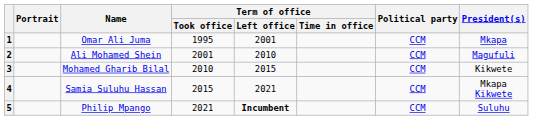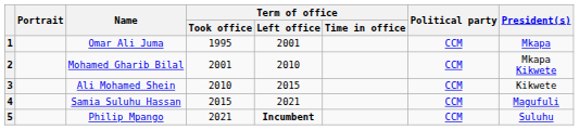 <table class="wikitable" style="text-align:center">
 <tr>
 <th rowspan="2"></th>
 <th rowspan="2">Portrait</th>
 <th rowspan="2">Name<br></th>
 <th colspan="3">Term of office</th>
 <th rowspan="2">Political party</th>
 <th rowspan="2"><a href='#'>President(s)</a></th>
 </tr>
 <tr>
 <th>Took office</th>
 <th>Left office</th>
 <th>Time in office</th>
 </tr>
 <tr>
 <th style="background:">1</th>
 <td></td>
 <td><a href='#'>Omar Ali Juma</a><br></td>
 <td> 1995</td>
 <td> 2001</td>
 <td></td>
 <td><a href='#'>CCM</a></td>
 <td><a href='#'>Mkapa</a></td>
 </tr>
 <tr>
 <th style="background:">2</th>
 <td></td>
-<td><a href='#'>Ali Mohamed Shein</a><br></td>
+<td><a href='#'>Mohamed Gharib Bilal</a><br></td>
 <td> 2001</td>
 <td> 2010</td>
 <td></td>
 <td><a href='#'>CCM</a></td>
-<td><a href='#'>Magufuli</a></td>
+<td>Mkapa<br><a href='#'>Kikwete</a></td>
 </tr>
 <tr>
 <th style="background:">3</th>
 <td></td>
-<td><a href='#'>Mohamed Gharib Bilal</a><br></td>
+<td><a href='#'>Ali Mohamed Shein</a><br></td>
 <td> 2010</td>
 <td> 2015</td>
 <td></td>
 <td><a href='#'>CCM</a></td>
 <td>Kikwete</td>
 </tr>
 <tr>
 <th style="background:">4</th>
 <td></td>
 <td><a href='#'>Samia Suluhu Hassan</a><br></td>
 <td> 2015</td>
 <td> 2021</td>
 <td></td>
 <td><a href='#'>CCM</a></td>
-<td>Mkapa<br><a href='#'>Kikwete</a></td>
+<td><a href='#'>Magufuli</a></td>
 </tr>
 <tr>
 <th style="background:">5</th>
 <td></td>
 <td><a href='#'>Philip Mpango</a><br></td>
 <td> 2021</td>
 <td><strong>Incumbent</strong></td>
 <td></td>
 <td><a href='#'>CCM</a></td>
 <td><a href='#'>Suluhu</a></td>
 </tr>
 </table>
